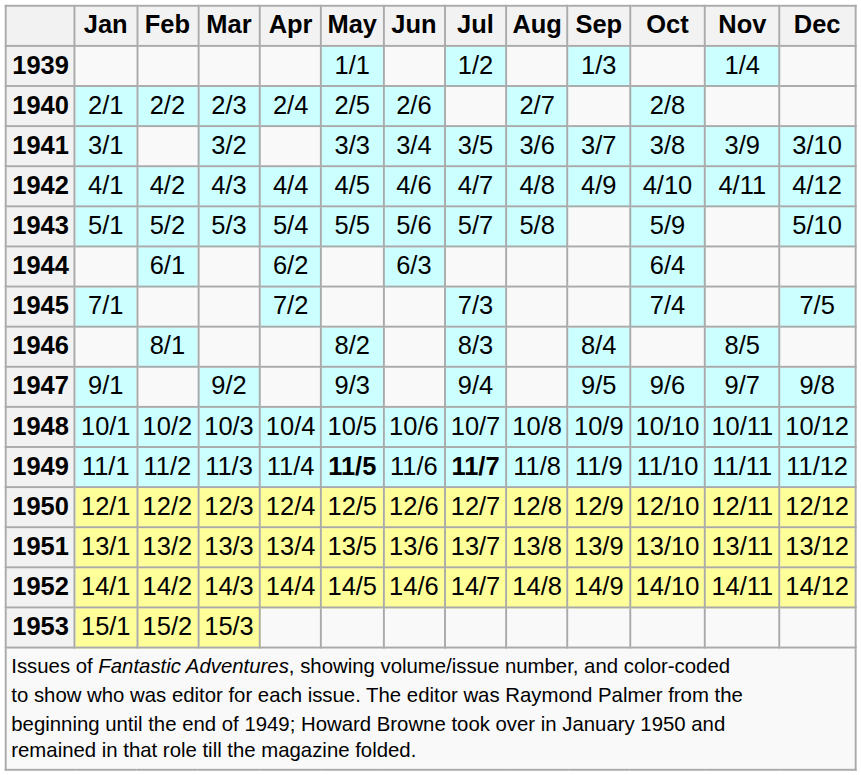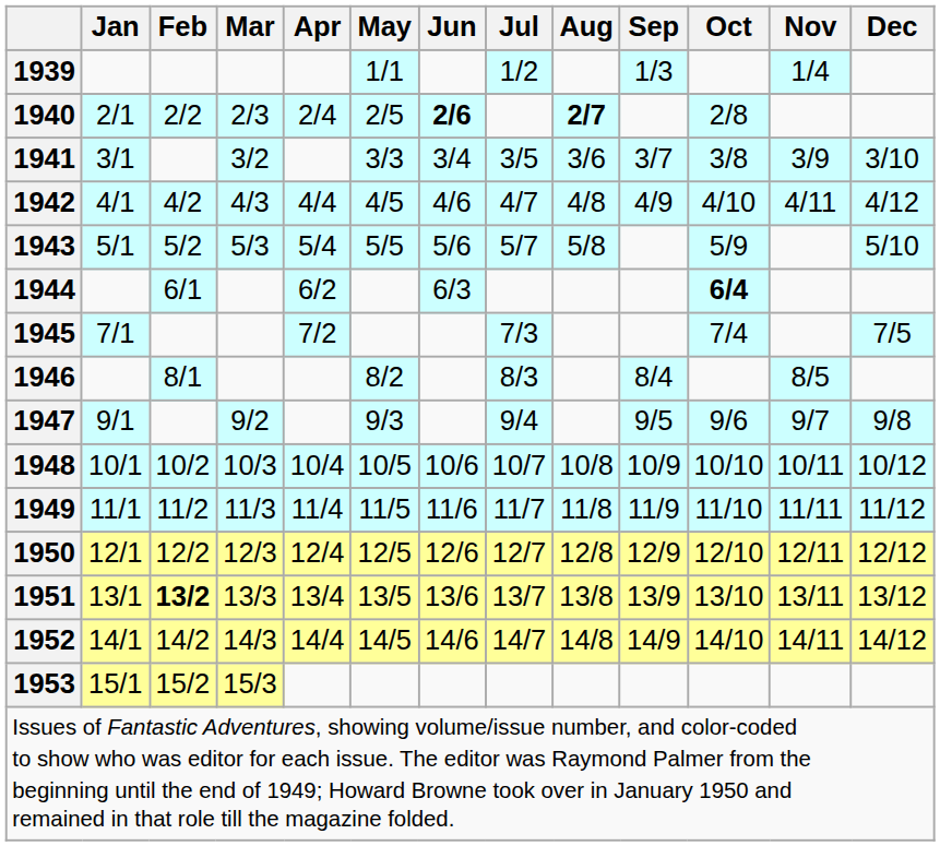 <table class="wikitable" style="font-size: 10pt; line-height: 11pt; margin-left: 2em; text-align: center; float: right">
 <tr>
 <th></th>
 <th>Jan</th>
 <th>Feb</th>
 <th>Mar</th>
 <th>Apr</th>
 <th>May</th>
 <th>Jun</th>
 <th>Jul</th>
 <th>Aug</th>
 <th>Sep</th>
 <th>Oct</th>
 <th>Nov</th>
 <th>Dec</th>
 </tr>
 <tr>
 <th>1939</th>
 <td></td>
 <td></td>
 <td></td>
 <td></td>
 <td bgcolor=#ccffff>1/1</td>
 <td></td>
 <td bgcolor=#ccffff>1/2</td>
 <td></td>
 <td bgcolor=#ccffff>1/3</td>
 <td></td>
 <td bgcolor=#ccffff>1/4</td>
 <td></td>
 </tr>
 <tr>
 <th>1940</th>
 <td bgcolor=#ccffff>2/1</td>
 <td bgcolor=#ccffff>2/2</td>
 <td bgcolor=#ccffff>2/3</td>
 <td bgcolor=#ccffff>2/4</td>
 <td bgcolor=#ccffff>2/5</td>
-<td bgcolor=#ccffff>2/6</td>
+<td bgcolor=#ccffff><strong>2/6</strong></td>
 <td></td>
-<td bgcolor=#ccffff>2/7</td>
+<td bgcolor=#ccffff><strong>2/7</strong></td>
 <td></td>
 <td bgcolor=#ccffff>2/8</td>
 <td></td>
 <td></td>
 </tr>
 <tr>
 <th>1941</th>
 <td bgcolor=#ccffff>3/1</td>
 <td></td>
 <td bgcolor=#ccffff>3/2</td>
 <td></td>
 <td bgcolor=#ccffff>3/3</td>
 <td bgcolor=#ccffff>3/4</td>
 <td bgcolor=#ccffff>3/5</td>
 <td bgcolor=#ccffff>3/6</td>
 <td bgcolor=#ccffff>3/7</td>
 <td bgcolor=#ccffff>3/8</td>
 <td bgcolor=#ccffff>3/9</td>
 <td bgcolor=#ccffff>3/10</td>
 </tr>
 <tr>
 <th>1942</th>
 <td bgcolor=#ccffff>4/1</td>
 <td bgcolor=#ccffff>4/2</td>
 <td bgcolor=#ccffff>4/3</td>
 <td bgcolor=#ccffff>4/4</td>
 <td bgcolor=#ccffff>4/5</td>
 <td bgcolor=#ccffff>4/6</td>
 <td bgcolor=#ccffff>4/7</td>
 <td bgcolor=#ccffff>4/8</td>
 <td bgcolor=#ccffff>4/9</td>
 <td bgcolor=#ccffff>4/10</td>
 <td bgcolor=#ccffff>4/11</td>
 <td bgcolor=#ccffff>4/12</td>
 </tr>
 <tr>
 <th>1943</th>
 <td bgcolor=#ccffff>5/1</td>
 <td bgcolor=#ccffff>5/2</td>
 <td bgcolor=#ccffff>5/3</td>
 <td bgcolor=#ccffff>5/4</td>
 <td bgcolor=#ccffff>5/5</td>
 <td bgcolor=#ccffff>5/6</td>
 <td bgcolor=#ccffff>5/7</td>
 <td bgcolor=#ccffff>5/8</td>
 <td></td>
 <td bgcolor=#ccffff>5/9</td>
 <td></td>
 <td bgcolor=#ccffff>5/10</td>
 </tr>
 <tr>
 <th>1944</th>
 <td></td>
 <td bgcolor=#ccffff>6/1</td>
 <td></td>
 <td bgcolor=#ccffff>6/2</td>
 <td></td>
 <td bgcolor=#ccffff>6/3</td>
 <td></td>
 <td></td>
 <td></td>
-<td bgcolor=#ccffff>6/4</td>
+<td bgcolor=#ccffff><strong>6/4</strong></td>
 <td></td>
 <td></td>
 </tr>
 <tr>
 <th>1945</th>
 <td bgcolor=#ccffff>7/1</td>
 <td></td>
 <td></td>
 <td bgcolor=#ccffff>7/2</td>
 <td></td>
 <td></td>
 <td bgcolor=#ccffff>7/3</td>
 <td></td>
 <td></td>
 <td bgcolor=#ccffff>7/4</td>
 <td></td>
 <td bgcolor=#ccffff>7/5</td>
 </tr>
 <tr>
 <th>1946</th>
 <td></td>
 <td bgcolor=#ccffff>8/1</td>
 <td></td>
 <td></td>
 <td bgcolor=#ccffff>8/2</td>
 <td></td>
 <td bgcolor=#ccffff>8/3</td>
 <td></td>
 <td bgcolor=#ccffff>8/4</td>
 <td></td>
 <td bgcolor=#ccffff>8/5</td>
 <td></td>
 </tr>
 <tr>
 <th>1947</th>
 <td bgcolor=#ccffff>9/1</td>
 <td></td>
 <td bgcolor=#ccffff>9/2</td>
 <td></td>
 <td bgcolor=#ccffff>9/3</td>
 <td></td>
 <td bgcolor=#ccffff>9/4</td>
 <td></td>
 <td bgcolor=#ccffff>9/5</td>
 <td bgcolor=#ccffff>9/6</td>
 <td bgcolor=#ccffff>9/7</td>
 <td bgcolor=#ccffff>9/8</td>
 </tr>
 <tr>
 <th>1948</th>
 <td bgcolor=#ccffff>10/1</td>
 <td bgcolor=#ccffff>10/2</td>
 <td bgcolor=#ccffff>10/3</td>
 <td bgcolor=#ccffff>10/4</td>
 <td bgcolor=#ccffff>10/5</td>
 <td bgcolor=#ccffff>10/6</td>
 <td bgcolor=#ccffff>10/7</td>
 <td bgcolor=#ccffff>10/8</td>
 <td bgcolor=#ccffff>10/9</td>
 <td bgcolor=#ccffff>10/10</td>
 <td bgcolor=#ccffff>10/11</td>
 <td bgcolor=#ccffff>10/12</td>
 </tr>
 <tr>
 <th>1949</th>
 <td bgcolor=#ccffff>11/1</td>
 <td bgcolor=#ccffff>11/2</td>
 <td bgcolor=#ccffff>11/3</td>
 <td bgcolor=#ccffff>11/4</td>
-<td bgcolor=#ccffff><strong>11/5</strong></td>
+<td bgcolor=#ccffff>11/5</td>
 <td bgcolor=#ccffff>11/6</td>
-<td bgcolor=#ccffff><strong>11/7</strong></td>
+<td bgcolor=#ccffff>11/7</td>
 <td bgcolor=#ccffff>11/8</td>
 <td bgcolor=#ccffff>11/9</td>
 <td bgcolor=#ccffff>11/10</td>
 <td bgcolor=#ccffff>11/11</td>
 <td bgcolor=#ccffff>11/12</td>
 </tr>
 <tr>
 <th>1950</th>
 <td bgcolor=#ffff99>12/1</td>
 <td bgcolor=#ffff99>12/2</td>
 <td bgcolor=#ffff99>12/3</td>
 <td bgcolor=#ffff99>12/4</td>
 <td bgcolor=#ffff99>12/5</td>
 <td bgcolor=#ffff99>12/6</td>
 <td bgcolor=#ffff99>12/7</td>
 <td bgcolor=#ffff99>12/8</td>
 <td bgcolor=#ffff99>12/9</td>
 <td bgcolor=#ffff99>12/10</td>
 <td bgcolor=#ffff99>12/11</td>
 <td bgcolor=#ffff99>12/12</td>
 </tr>
 <tr>
 <th>1951</th>
 <td bgcolor=#ffff99>13/1</td>
-<td bgcolor=#ffff99>13/2</td>
+<td bgcolor=#ffff99><strong>13/2</strong></td>
 <td bgcolor=#ffff99>13/3</td>
 <td bgcolor=#ffff99>13/4</td>
 <td bgcolor=#ffff99>13/5</td>
 <td bgcolor=#ffff99>13/6</td>
 <td bgcolor=#ffff99>13/7</td>
 <td bgcolor=#ffff99>13/8</td>
 <td bgcolor=#ffff99>13/9</td>
 <td bgcolor=#ffff99>13/10</td>
 <td bgcolor=#ffff99>13/11</td>
 <td bgcolor=#ffff99>13/12</td>
 </tr>
 <tr>
 <th>1952</th>
 <td bgcolor=#ffff99>14/1</td>
 <td bgcolor=#ffff99>14/2</td>
 <td bgcolor=#ffff99>14/3</td>
 <td bgcolor=#ffff99>14/4</td>
 <td bgcolor=#ffff99>14/5</td>
 <td bgcolor=#ffff99>14/6</td>
 <td bgcolor=#ffff99>14/7</td>
 <td bgcolor=#ffff99>14/8</td>
 <td bgcolor=#ffff99>14/9</td>
 <td bgcolor=#ffff99>14/10</td>
 <td bgcolor=#ffff99>14/11</td>
 <td bgcolor=#ffff99>14/12</td>
 </tr>
 <tr>
 <th>1953</th>
 <td bgcolor=#ffff99>15/1</td>
 <td bgcolor=#ffff99>15/2</td>
 <td bgcolor=#ffff99>15/3</td>
 <td></td>
 <td></td>
 <td></td>
 <td></td>
 <td></td>
 <td></td>
 <td></td>
 <td></td>
 <td></td>
 </tr>
 <tr>
 <td colspan="13" style="font-size: 8pt; text-align:left">Issues of <em>Fantastic Adventures</em>, showing volume/issue number, and color-coded<br>to show who was editor for each issue. The editor was Raymond Palmer from the<br>beginning until the end of 1949; Howard Browne took over in January 1950 and<br>remained in that role till the magazine folded.</td>
 </tr>
 </table>
